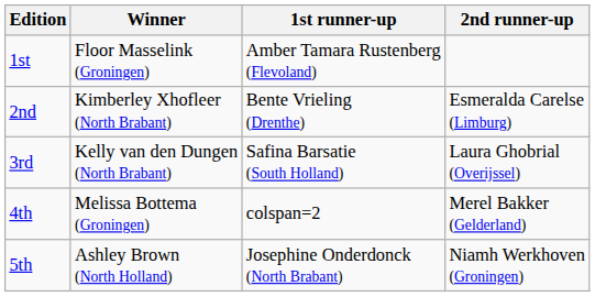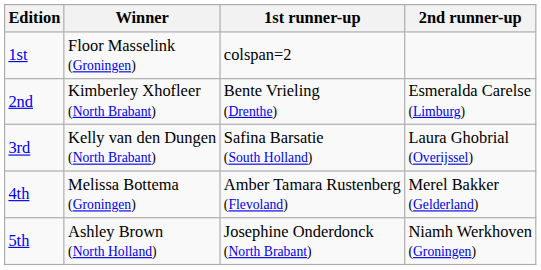 <table class="wikitable defaultcenter" style="font-size:90%;">
 <tr>
 <th>Edition</th>
 <th>Winner</th>
 <th>1st runner-up</th>
 <th>2nd runner-up</th>
 </tr>
 <tr>
 <td><a href='#'>1st</a></td>
 <td>Floor Masselink<br><small>(<a href='#'>Groningen</a>)</small></td>
-<td>Amber Tamara Rustenberg<br><small>(<a href='#'>Flevoland</a>)</small></td>
+<td>colspan=2 </td>
 </tr>
 <tr>
 <td><a href='#'>2nd</a></td>
 <td>Kimberley Xhofleer<br><small>(<a href='#'>North Brabant</a>)</small></td>
 <td>Bente Vrieling<br><small>(<a href='#'>Drenthe</a>)</small></td>
 <td>Esmeralda Carelse<br><small>(<a href='#'>Limburg</a>)</small></td>
 </tr>
 <tr>
 <td><a href='#'>3rd</a></td>
 <td>Kelly van den Dungen<br><small>(<a href='#'>North Brabant</a>)</small></td>
 <td>Safina Barsatie<br><small>(<a href='#'>South Holland</a>)</small></td>
 <td>Laura Ghobrial<br><small>(<a href='#'>Overijssel</a>)</small></td>
 </tr>
 <tr>
 <td><a href='#'>4th</a></td>
 <td>Melissa Bottema<br><small>(<a href='#'>Groningen</a>)</small></td>
-<td>colspan=2 </td>
+<td>Amber Tamara Rustenberg<br><small>(<a href='#'>Flevoland</a>)</small></td>
 <td>Merel Bakker<br><small>(<a href='#'>Gelderland</a>)</small></td>
 </tr>
 <tr>
 <td><a href='#'>5th</a></td>
 <td>Ashley Brown<br><small>(<a href='#'>North Holland</a>)</small></td>
 <td>Josephine Onderdonck<br><small>(<a href='#'>North Brabant</a>)</small></td>
 <td>Niamh Werkhoven<br><small>(<a href='#'>Groningen</a>)</small></td>
 </tr>
 </table>
